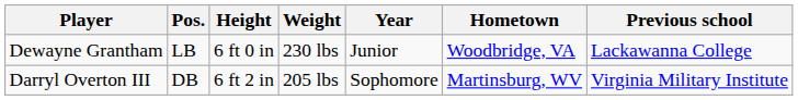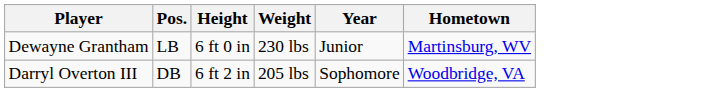 <table class="wikitable sortable">
 <tr>
 <th style="text-align:center; ">Player</th>
 <th style="text-align:center; ">Pos.</th>
 <th style="text-align:center; ">Height</th>
 <th style="text-align:center; ">Weight</th>
 <th style="text-align:center; ">Year</th>
 <th style="text-align:center; ">Hometown</th>
-<th style="text-align:center; ">Previous school</th>
 </tr>
 <tr>
 <td>Dewayne Grantham</td>
 <td>LB</td>
 <td>6 ft 0 in</td>
 <td>230 lbs</td>
 <td>Junior</td>
-<td><a href='#'>Woodbridge, VA</a></td>
-<td><a href='#'>Lackawanna College</a></td>
+<td><a href='#'>Martinsburg, WV</a></td>
 </tr>
 <tr>
 <td>Darryl Overton III</td>
 <td>DB</td>
 <td>6 ft 2 in</td>
 <td>205 lbs</td>
 <td>Sophomore</td>
-<td><a href='#'>Martinsburg, WV</a></td>
-<td><a href='#'>Virginia Military Institute</a></td>
+<td><a href='#'>Woodbridge, VA</a></td>
 </tr>
 </table>
